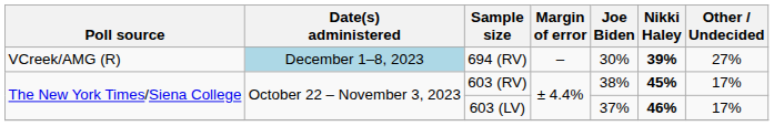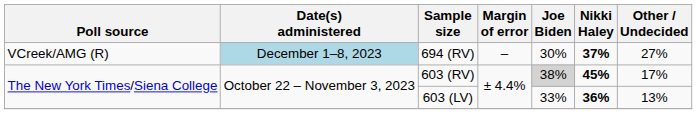 <table class="wikitable sortable mw-datatable" style="font-size:90%;text-align:center;line-height:17px">
 <tr valign=bottom>
 <th>Poll source</th>
 <th>Date(s)<br>administered</th>
 <th>Sample<br>size</th>
 <th>Margin<br>of error</th>
 <th class="unsortable">Joe<br>Biden<br></th>
 <th class="unsortable">Nikki<br>Haley<br></th>
 <th class="unsortable">Other /<br>Undecided</th>
 </tr>
 <tr>
 <td style="text-align:left;">VCreek/AMG (R)</td>
 <td data-sort-value="2023-12-19" style="background: lightblue;">December 1–8, 2023</td>
 <td>694 (RV)</td>
 <td>–</td>
 <td>30%</td>
-<td style="background-color:"><strong>39%</strong></td>
+<td style="background-color:"><strong>37%</strong></td>
 <td>27%</td>
 </tr>
 <tr>
 <td style="text-align:left;" rowspan="2"><a href='#'>The New York Times</a>/<a href='#'>Siena College</a></td>
 <td rowspan="2">October 22 – November 3, 2023</td>
 <td>603 (RV)</td>
 <td rowspan="2">± 4.4%</td>
-<td>38%</td>
+<td style="background: lightgrey;">38%</td>
 <td style="background-color:"><strong>45%</strong></td>
 <td>17%</td>
 </tr>
 <tr>
 <td>603 (LV)</td>
-<td>37%</td>
-<td style="background-color:"><strong>46%</strong></td>
-<td>17%</td>
+<td>33%</td>
+<td style="background-color:"><strong>36%</strong></td>
+<td>13%</td>
 </tr>
 <tr>
 </tr>
 </table>
